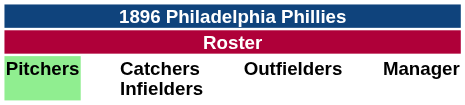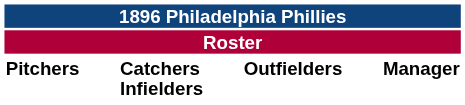 <table class="toccolours" style="font-size: 95%;">
 <tr>
 <th colspan="10" style="background-color: #0f437c; color: white; text-align: center;">1896 Philadelphia Phillies</th>
 </tr>
 <tr>
 <td colspan="10" style="background-color: #af0039; color: white; text-align: center;"><strong>Roster</strong></td>
 </tr>
 <tr>
-<td valign="top" style="background: lightgreen;"><strong>Pitchers</strong><br>            </td>
+<td valign="top"><strong>Pitchers</strong><br>            </td>
 <td width="25px"></td>
 <td valign="top"><strong>Catchers</strong><br>   <strong>Infielders</strong>         </td>
 <td width="25px"></td>
 <td valign="top"><strong>Outfielders</strong><br>      </td>
 <td width="25px"></td>
 <td valign="top"><strong>Manager</strong><br></td>
 </tr>
 </table>
